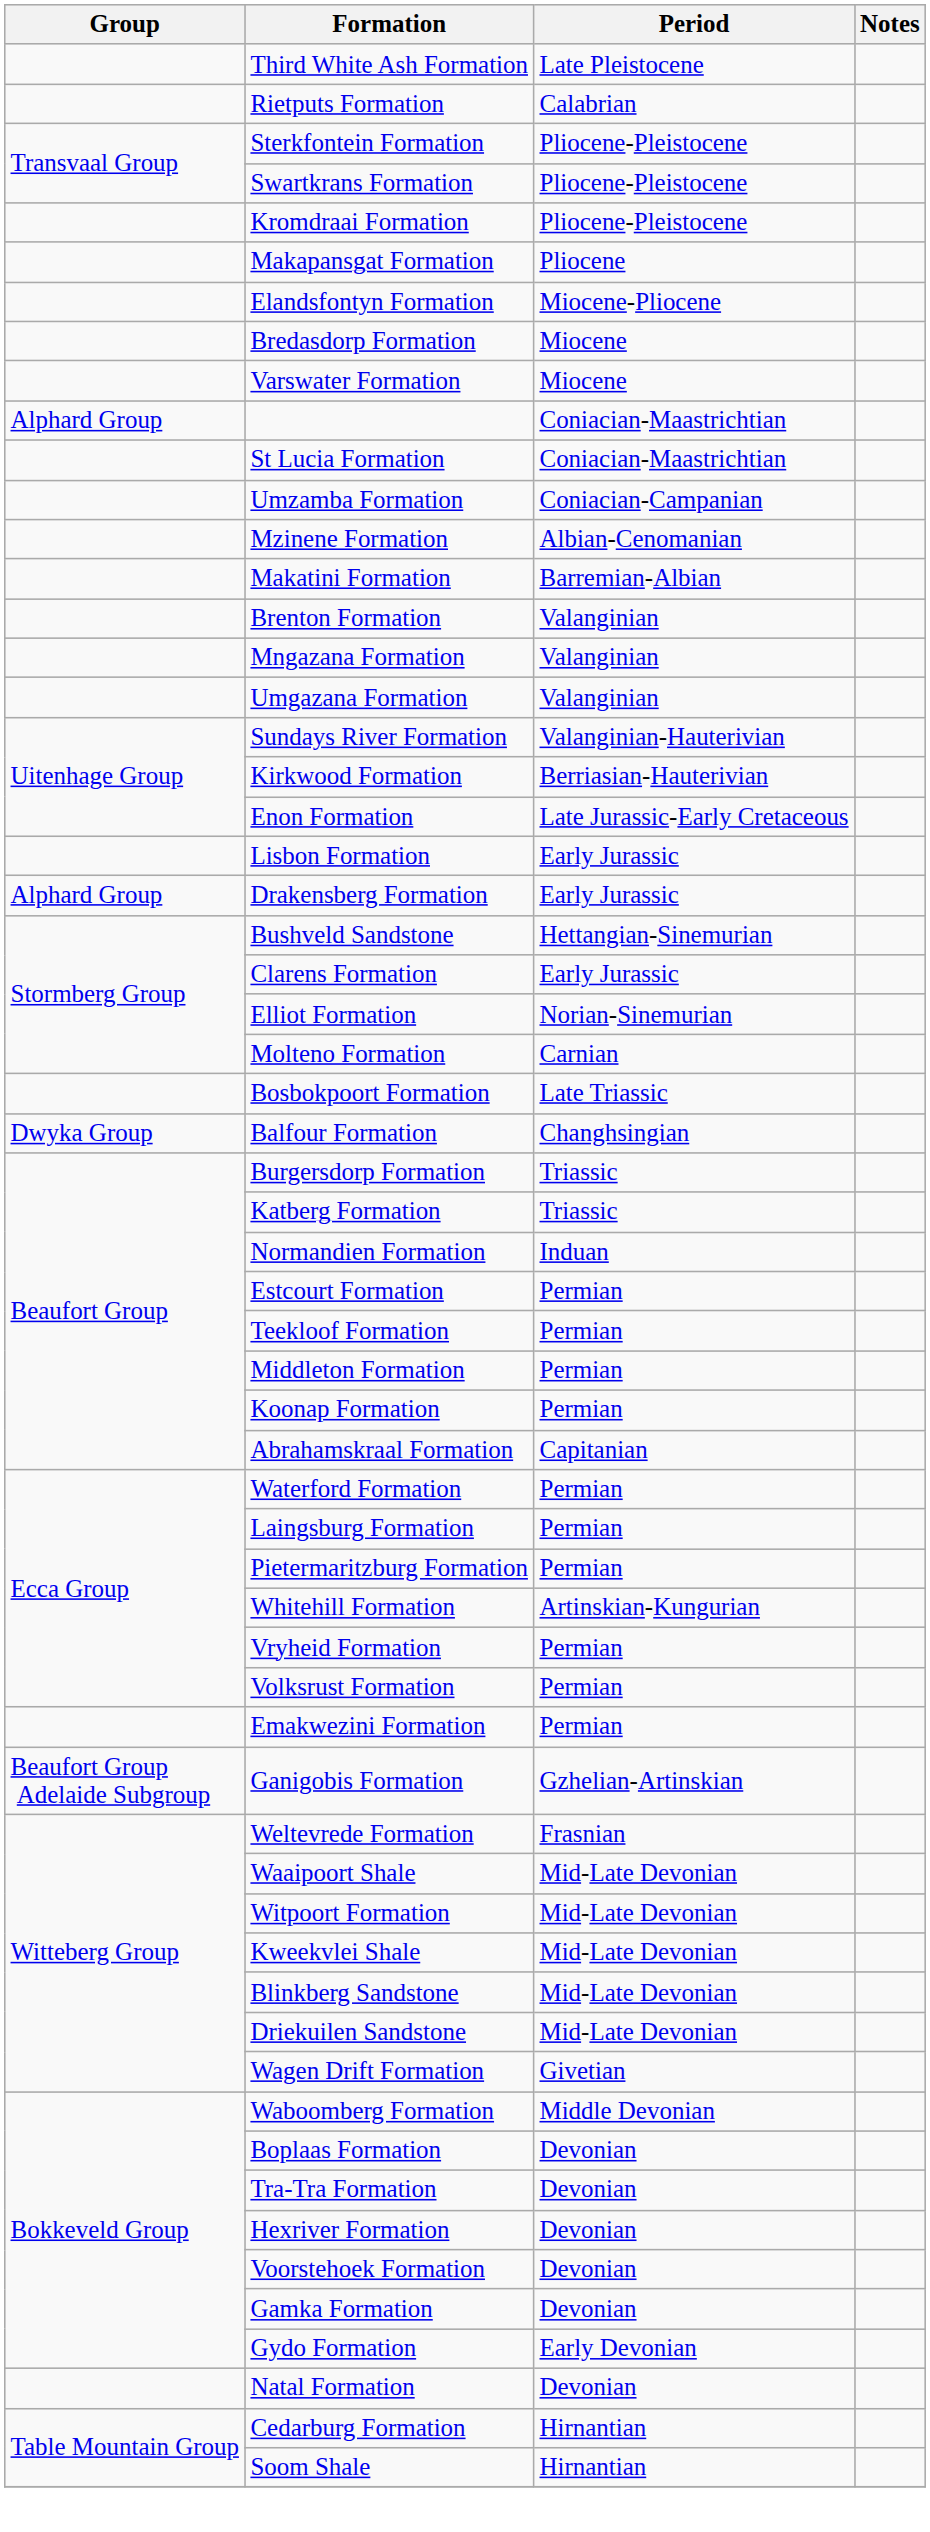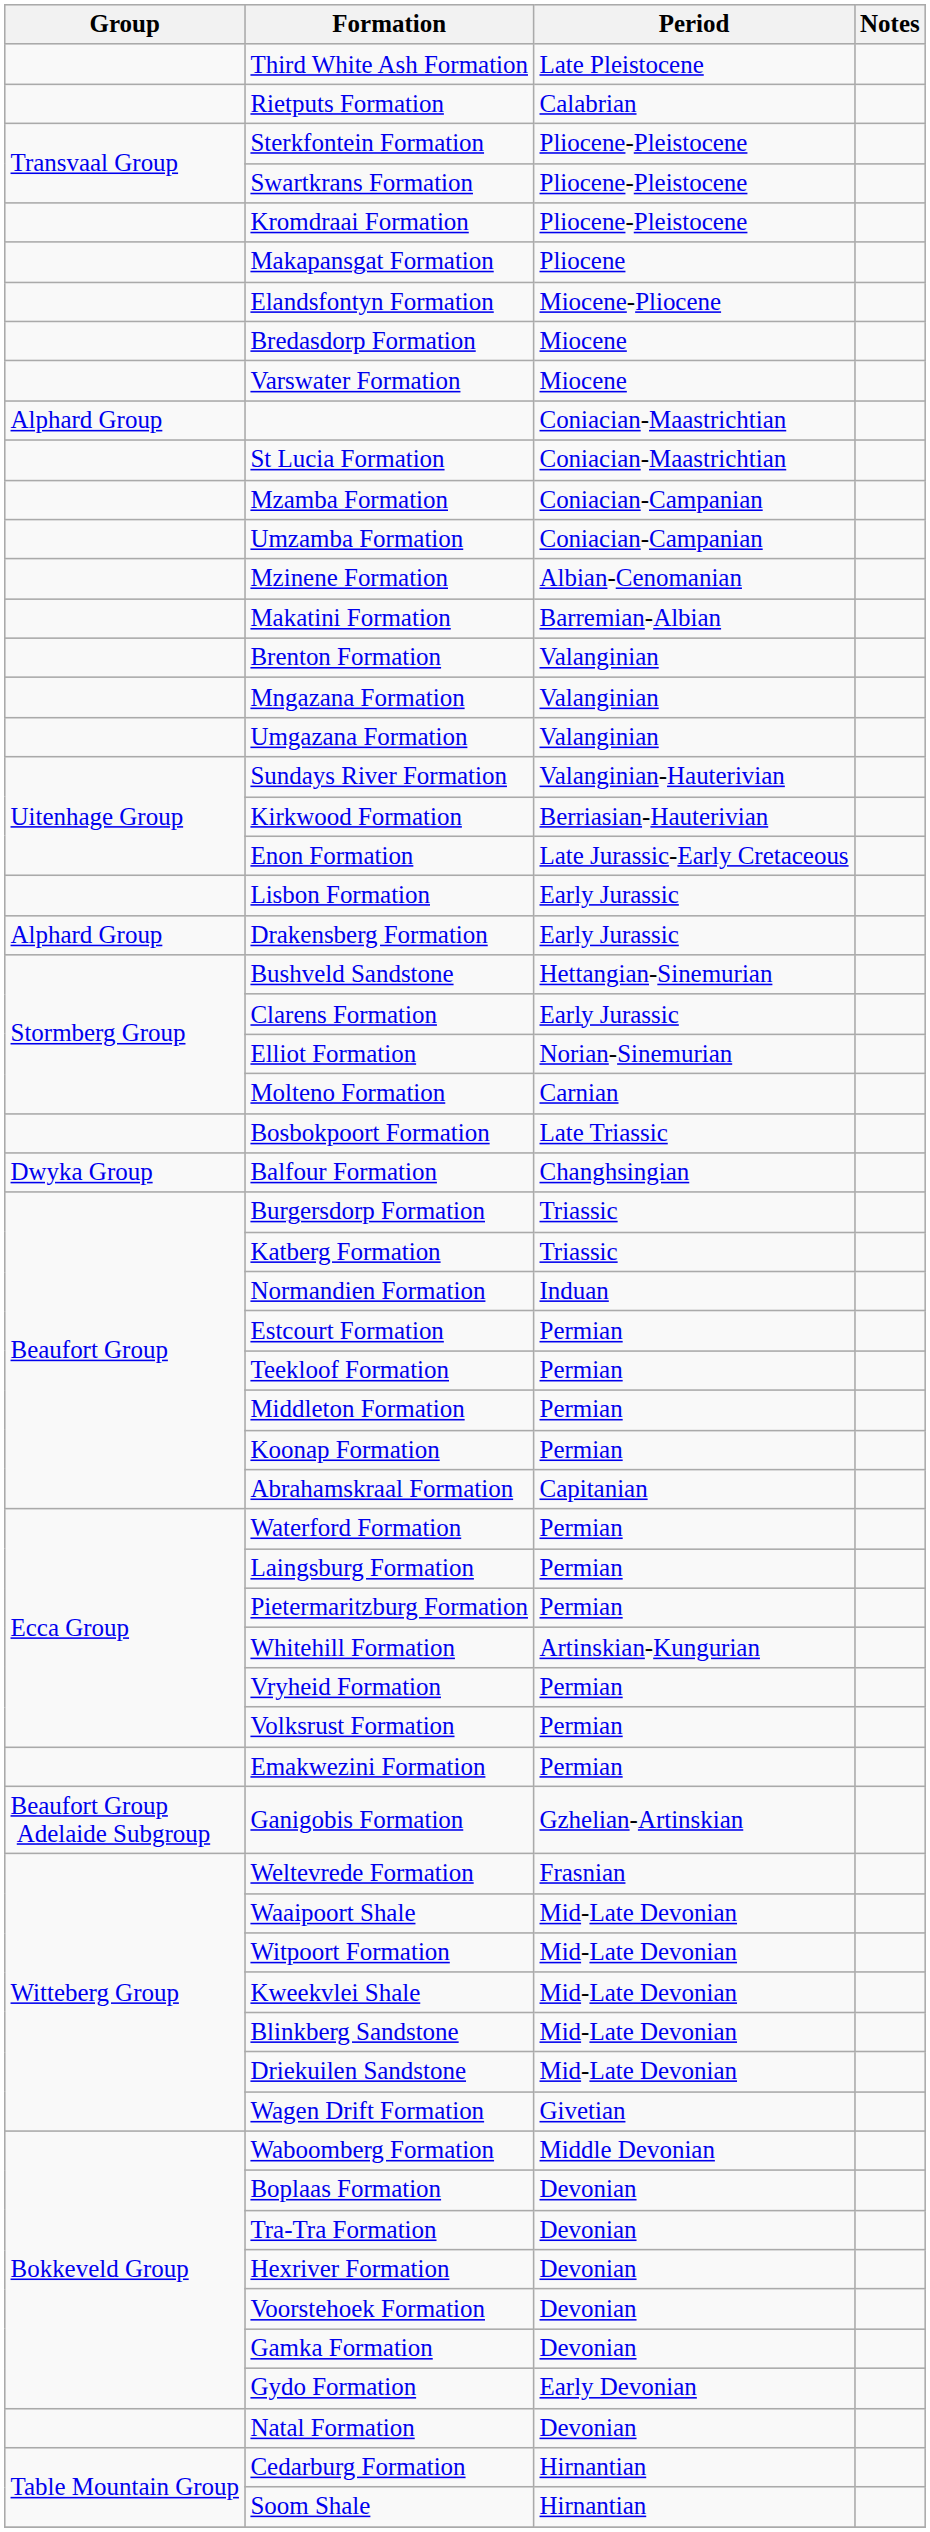 <table class="wikitable sortable">
 <tr>
 <th>Group</th>
 <th>Formation</th>
 <th>Period</th>
 <th class="unsortable">Notes</th>
 </tr>
 <tr>
 <td></td>
 <td><a href='#'>Third White Ash Formation</a></td>
 <td style="background-color: "><a href='#'>Late Pleistocene</a></td>
 <td></td>
 </tr>
 <tr>
 <td></td>
 <td><a href='#'>Rietputs Formation</a></td>
 <td style="background-color: "><a href='#'>Calabrian</a></td>
 <td></td>
 </tr>
 <tr>
 <td rowspan=2><a href='#'>Transvaal Group</a></td>
 <td><a href='#'>Sterkfontein Formation</a></td>
 <td style="background-color: "><a href='#'>Pliocene</a>-<a href='#'>Pleistocene</a></td>
 <td></td>
 </tr>
 <tr>
 <td><a href='#'>Swartkrans Formation</a></td>
 <td style="background-color: "><a href='#'>Pliocene</a>-<a href='#'>Pleistocene</a></td>
 <td></td>
 </tr>
 <tr>
 <td></td>
 <td><a href='#'>Kromdraai Formation</a></td>
 <td style="background-color: "><a href='#'>Pliocene</a>-<a href='#'>Pleistocene</a></td>
 <td></td>
 </tr>
 <tr>
 <td></td>
 <td><a href='#'>Makapansgat Formation</a></td>
 <td style="background-color: "><a href='#'>Pliocene</a></td>
 <td></td>
 </tr>
 <tr>
 <td></td>
 <td><a href='#'>Elandsfontyn Formation</a></td>
 <td style="background-color: "><a href='#'>Miocene</a>-<a href='#'>Pliocene</a></td>
 <td></td>
 </tr>
 <tr>
 <td></td>
 <td><a href='#'>Bredasdorp Formation</a></td>
 <td style="background-color: "><a href='#'>Miocene</a></td>
 <td></td>
 </tr>
 <tr>
 <td></td>
 <td><a href='#'>Varswater Formation</a></td>
 <td style="background-color: "><a href='#'>Miocene</a></td>
 <td></td>
 </tr>
 <tr>
 <td><a href='#'>Alphard Group</a></td>
 <td></td>
 <td style="background-color: "><a href='#'>Coniacian</a>-<a href='#'>Maastrichtian</a></td>
 <td></td>
 </tr>
 <tr>
 <td></td>
 <td><a href='#'>St Lucia Formation</a></td>
 <td style="background-color: "><a href='#'>Coniacian</a>-<a href='#'>Maastrichtian</a></td>
+<td></td>
+</tr>
+<tr>
+<td></td>
+<td><a href='#'>Mzamba Formation</a></td>
+<td style="background-color: "><a href='#'>Coniacian</a>-<a href='#'>Campanian</a></td>
 <td></td>
 </tr>
 <tr>
 <td></td>
 <td><a href='#'>Umzamba Formation</a></td>
 <td style="background-color: "><a href='#'>Coniacian</a>-<a href='#'>Campanian</a></td>
 <td></td>
 </tr>
 <tr>
 <td></td>
 <td><a href='#'>Mzinene Formation</a></td>
 <td style="background-color: "><a href='#'>Albian</a>-<a href='#'>Cenomanian</a></td>
 <td></td>
 </tr>
 <tr>
 <td></td>
 <td><a href='#'>Makatini Formation</a></td>
 <td style="background-color: "><a href='#'>Barremian</a>-<a href='#'>Albian</a></td>
 <td></td>
 </tr>
 <tr>
 <td></td>
 <td><a href='#'>Brenton Formation</a></td>
 <td style="background-color: "><a href='#'>Valanginian</a></td>
 <td></td>
 </tr>
 <tr>
 <td></td>
 <td><a href='#'>Mngazana Formation</a></td>
 <td style="background-color: "><a href='#'>Valanginian</a></td>
 <td></td>
 </tr>
 <tr>
 <td></td>
 <td><a href='#'>Umgazana Formation</a></td>
 <td style="background-color: "><a href='#'>Valanginian</a></td>
 <td></td>
 </tr>
 <tr>
 <td rowspan=3><a href='#'>Uitenhage Group</a></td>
 <td><a href='#'>Sundays River Formation</a></td>
 <td style="background-color: "><a href='#'>Valanginian</a>-<a href='#'>Hauterivian</a></td>
 <td></td>
 </tr>
 <tr>
 <td><a href='#'>Kirkwood Formation</a></td>
 <td style="background-color: "><a href='#'>Berriasian</a>-<a href='#'>Hauterivian</a></td>
 <td></td>
 </tr>
 <tr>
 <td><a href='#'>Enon Formation</a></td>
 <td style="background-color: "><a href='#'>Late Jurassic</a>-<a href='#'>Early Cretaceous</a></td>
 <td></td>
 </tr>
 <tr>
 <td></td>
 <td><a href='#'>Lisbon Formation</a></td>
 <td style="background-color: "><a href='#'>Early Jurassic</a></td>
 <td></td>
 </tr>
 <tr>
 <td><a href='#'>Alphard Group</a></td>
 <td><a href='#'>Drakensberg Formation</a></td>
 <td style="background-color: "><a href='#'>Early Jurassic</a></td>
 <td></td>
 </tr>
 <tr>
 <td rowspan=4><a href='#'>Stormberg Group</a></td>
 <td><a href='#'>Bushveld Sandstone</a></td>
 <td style="background-color: "><a href='#'>Hettangian</a>-<a href='#'>Sinemurian</a></td>
 <td></td>
 </tr>
 <tr>
 <td><a href='#'>Clarens Formation</a></td>
 <td style="background-color: "><a href='#'>Early Jurassic</a></td>
 <td></td>
 </tr>
 <tr>
 <td><a href='#'>Elliot Formation</a></td>
 <td style="background-color: "><a href='#'>Norian</a>-<a href='#'>Sinemurian</a></td>
 <td></td>
 </tr>
 <tr>
 <td><a href='#'>Molteno Formation</a></td>
 <td style="background-color: "><a href='#'>Carnian</a></td>
 <td></td>
 </tr>
 <tr>
 <td></td>
 <td><a href='#'>Bosbokpoort Formation</a></td>
 <td style="background-color: "><a href='#'>Late Triassic</a></td>
 <td></td>
 </tr>
 <tr>
 <td><a href='#'>Dwyka Group</a></td>
 <td><a href='#'>Balfour Formation</a></td>
 <td style="background-color: "><a href='#'>Changhsingian</a></td>
 <td></td>
 </tr>
 <tr>
 <td rowspan=8><a href='#'>Beaufort Group</a></td>
 <td><a href='#'>Burgersdorp Formation</a></td>
 <td style="background-color: "><a href='#'>Triassic</a></td>
 <td></td>
 </tr>
 <tr>
 <td><a href='#'>Katberg Formation</a></td>
 <td style="background-color: "><a href='#'>Triassic</a></td>
 <td></td>
 </tr>
 <tr>
 <td><a href='#'>Normandien Formation</a></td>
 <td style="background-color: "><a href='#'>Induan</a></td>
 <td></td>
 </tr>
 <tr>
 <td><a href='#'>Estcourt Formation</a></td>
 <td style="background-color: "><a href='#'>Permian</a></td>
 <td></td>
 </tr>
 <tr>
 <td><a href='#'>Teekloof Formation</a></td>
 <td style="background-color: "><a href='#'>Permian</a></td>
 <td></td>
 </tr>
 <tr>
 <td><a href='#'>Middleton Formation</a></td>
 <td style="background-color: "><a href='#'>Permian</a></td>
 <td></td>
 </tr>
 <tr>
 <td><a href='#'>Koonap Formation</a></td>
 <td style="background-color: "><a href='#'>Permian</a></td>
 <td></td>
 </tr>
 <tr>
 <td><a href='#'>Abrahamskraal Formation</a></td>
 <td style="background-color: "><a href='#'>Capitanian</a></td>
 <td></td>
 </tr>
 <tr>
 <td rowspan=6><a href='#'>Ecca Group</a></td>
 <td><a href='#'>Waterford Formation</a></td>
 <td style="background-color: "><a href='#'>Permian</a></td>
 <td></td>
 </tr>
 <tr>
 <td><a href='#'>Laingsburg Formation</a></td>
 <td style="background-color: "><a href='#'>Permian</a></td>
 <td></td>
 </tr>
 <tr>
 <td><a href='#'>Pietermaritzburg Formation</a></td>
 <td style="background-color: "><a href='#'>Permian</a></td>
 <td></td>
 </tr>
 <tr>
 <td><a href='#'>Whitehill Formation</a></td>
 <td style="background-color: "><a href='#'>Artinskian</a>-<a href='#'>Kungurian</a></td>
 <td></td>
 </tr>
 <tr>
 <td><a href='#'>Vryheid Formation</a></td>
 <td style="background-color: "><a href='#'>Permian</a></td>
 <td></td>
 </tr>
 <tr>
 <td><a href='#'>Volksrust Formation</a></td>
 <td style="background-color: "><a href='#'>Permian</a></td>
 <td></td>
 </tr>
 <tr>
 <td></td>
 <td><a href='#'>Emakwezini Formation</a></td>
 <td style="background-color: "><a href='#'>Permian</a></td>
 <td></td>
 </tr>
 <tr>
 <td><a href='#'>Beaufort Group</a><br> <a href='#'>Adelaide Subgroup</a></td>
 <td><a href='#'>Ganigobis Formation</a></td>
 <td style="background-color: "><a href='#'>Gzhelian</a>-<a href='#'>Artinskian</a></td>
 <td></td>
 </tr>
 <tr>
 <td rowspan=7><a href='#'>Witteberg Group</a></td>
 <td><a href='#'>Weltevrede Formation</a></td>
 <td style="background-color: "><a href='#'>Frasnian</a></td>
 <td></td>
 </tr>
 <tr>
 <td><a href='#'>Waaipoort Shale</a></td>
 <td style="background-color: "><a href='#'>Mid</a>-<a href='#'>Late Devonian</a></td>
 <td></td>
 </tr>
 <tr>
 <td><a href='#'>Witpoort Formation</a></td>
 <td style="background-color: "><a href='#'>Mid</a>-<a href='#'>Late Devonian</a></td>
 <td></td>
 </tr>
 <tr>
 <td><a href='#'>Kweekvlei Shale</a></td>
 <td style="background-color: "><a href='#'>Mid</a>-<a href='#'>Late Devonian</a></td>
 <td></td>
 </tr>
 <tr>
 <td><a href='#'>Blinkberg Sandstone</a></td>
 <td style="background-color: "><a href='#'>Mid</a>-<a href='#'>Late Devonian</a></td>
 <td></td>
 </tr>
 <tr>
 <td><a href='#'>Driekuilen Sandstone</a></td>
 <td style="background-color: "><a href='#'>Mid</a>-<a href='#'>Late Devonian</a></td>
 <td></td>
 </tr>
 <tr>
 <td><a href='#'>Wagen Drift Formation</a></td>
 <td style="background-color: "><a href='#'>Givetian</a></td>
 <td></td>
 </tr>
 <tr>
 <td rowspan=7><a href='#'>Bokkeveld Group</a></td>
 <td><a href='#'>Waboomberg Formation</a></td>
 <td style="background-color: "><a href='#'>Middle Devonian</a></td>
 <td></td>
 </tr>
 <tr>
 <td><a href='#'>Boplaas Formation</a></td>
 <td style="background-color: "><a href='#'>Devonian</a></td>
 <td></td>
 </tr>
 <tr>
 <td><a href='#'>Tra-Tra Formation</a></td>
 <td style="background-color: "><a href='#'>Devonian</a></td>
 <td></td>
 </tr>
 <tr>
 <td><a href='#'>Hexriver Formation</a></td>
 <td style="background-color: "><a href='#'>Devonian</a></td>
 <td></td>
 </tr>
 <tr>
 <td><a href='#'>Voorstehoek Formation</a></td>
 <td style="background-color: "><a href='#'>Devonian</a></td>
 <td></td>
 </tr>
 <tr>
 <td><a href='#'>Gamka Formation</a></td>
 <td style="background-color: "><a href='#'>Devonian</a></td>
 <td></td>
 </tr>
 <tr>
 <td><a href='#'>Gydo Formation</a></td>
 <td style="background-color: "><a href='#'>Early Devonian</a></td>
 <td></td>
 </tr>
 <tr>
 <td></td>
 <td><a href='#'>Natal Formation</a></td>
 <td style="background-color: "><a href='#'>Devonian</a></td>
 <td></td>
 </tr>
 <tr>
 <td rowspan=2><a href='#'>Table Mountain Group</a></td>
 <td><a href='#'>Cedarburg Formation</a></td>
 <td style="background-color: "><a href='#'>Hirnantian</a></td>
 <td></td>
 </tr>
 <tr>
 <td><a href='#'>Soom Shale</a></td>
 <td style="background-color: "><a href='#'>Hirnantian</a></td>
 <td></td>
 </tr>
 <tr>
 </tr>
 </table>
